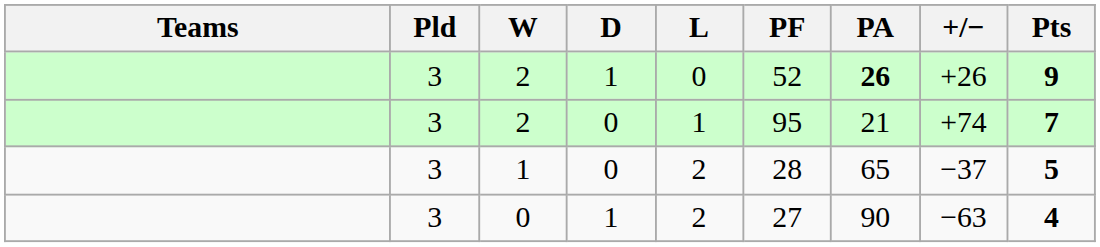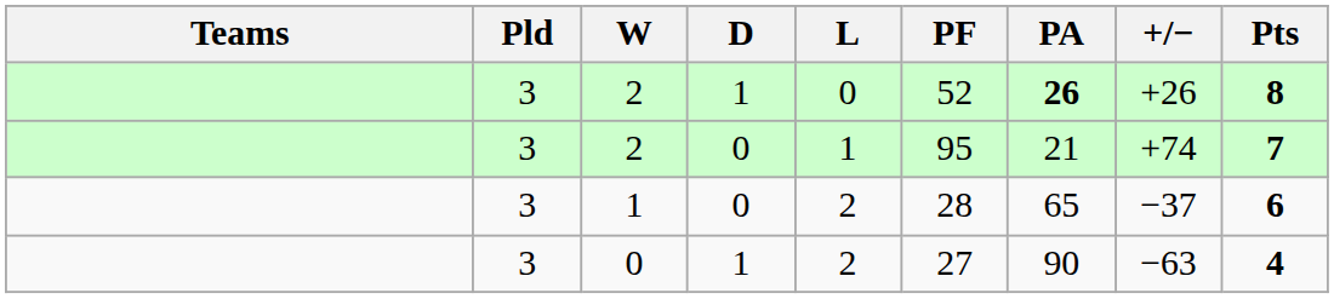 <table class="wikitable" style="text-align: center;">
 <tr>
 <th width="200">Teams</th>
 <th width="40">Pld</th>
 <th width="40">W</th>
 <th width="40">D</th>
 <th width="40">L</th>
 <th width="40">PF</th>
 <th width="40">PA</th>
 <th width="40">+/−</th>
 <th width="40">Pts</th>
 </tr>
 <tr bgcolor=ccffcc>
 <td align=left></td>
 <td>3</td>
 <td>2</td>
 <td>1</td>
 <td>0</td>
 <td>52</td>
 <td><strong>26</strong></td>
 <td>+26</td>
-<td><strong>9</strong></td>
+<td><strong>8</strong></td>
 </tr>
 <tr bgcolor=ccffcc>
 <td align=left></td>
 <td>3</td>
 <td>2</td>
 <td>0</td>
 <td>1</td>
 <td>95</td>
 <td>21</td>
 <td>+74</td>
 <td><strong>7</strong></td>
 </tr>
 <tr>
 <td align=left></td>
 <td>3</td>
 <td>1</td>
 <td>0</td>
 <td>2</td>
 <td>28</td>
 <td>65</td>
 <td>−37</td>
-<td><strong>5</strong></td>
+<td><strong>6</strong></td>
 </tr>
 <tr>
 <td align=left></td>
 <td>3</td>
 <td>0</td>
 <td>1</td>
 <td>2</td>
 <td>27</td>
 <td>90</td>
 <td>−63</td>
 <td><strong>4</strong></td>
 </tr>
 </table>
